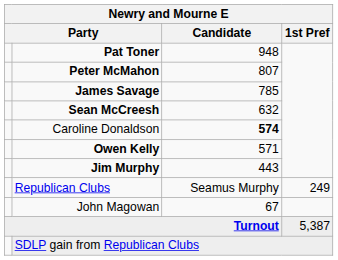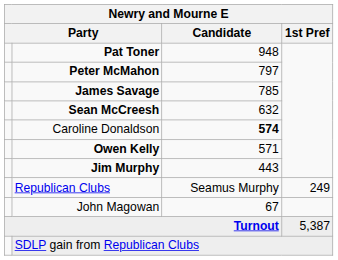 <table class="wikitable">
 <tr>
 <th colspan="4" align="center">Newry and Mourne E</th>
 </tr>
 <tr>
 <th colspan="2" align="center" width=200>Party</th>
 <th width=150>Candidate</th>
 <th width=60>1st Pref</th>
 </tr>
 <tr>
 <td></td>
 <td align="right"><strong>Pat Toner</strong></td>
 <td align="right">948</td>
 </tr>
 <tr>
 <td></td>
 <td align="right"><strong>Peter McMahon</strong></td>
-<td align="right">807</td>
+<td align="right">797</td>
 </tr>
 <tr>
 <td></td>
 <td align="right"><strong>James Savage</strong></td>
 <td align="right">785</td>
 </tr>
 <tr>
 <td></td>
 <td align="right"><strong>Sean McCreesh</strong></td>
 <td align="right">632</td>
 </tr>
 <tr>
 <td></td>
 <td align="right">Caroline Donaldson</td>
 <td align="right"><strong>574</strong></td>
 </tr>
 <tr>
 <td></td>
 <td align="right"><strong>Owen Kelly</strong></td>
 <td align="right">571</td>
 </tr>
 <tr>
 <td></td>
 <td align="right"><strong>Jim Murphy</strong></td>
 <td align="right">443</td>
 </tr>
 <tr>
 <td style="background-color: "></td>
 <td><a href='#'>Republican Clubs</a></td>
 <td align="right">Seamus Murphy</td>
 <td align="right">249</td>
 </tr>
 <tr>
 <td></td>
 <td align="right">John Magowan</td>
 <td align="right">67</td>
 </tr>
 <tr bgcolor="EEEEEE">
 <td colspan=3 align="right"><strong><a href='#'>Turnout</a></strong></td>
 <td align="right">5,387</td>
 </tr>
 <tr>
 <td bgcolor=></td>
 <td colspan=3 bgcolor="EEEEEE"><a href='#'>SDLP</a> gain from <a href='#'>Republican Clubs</a></td>
 </tr>
 </table>
